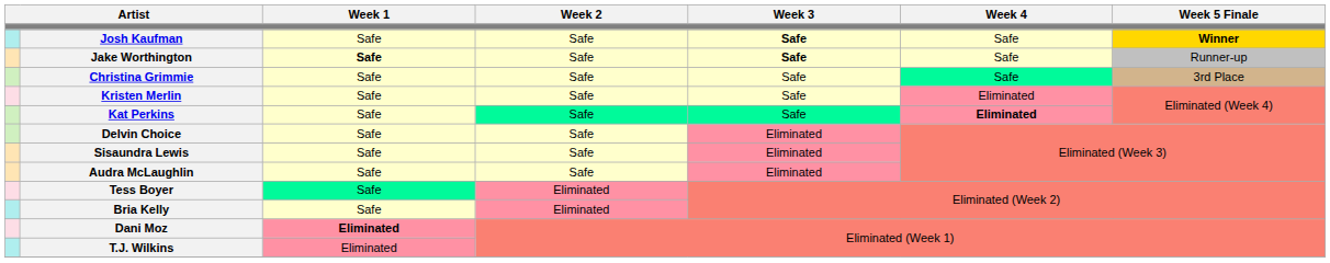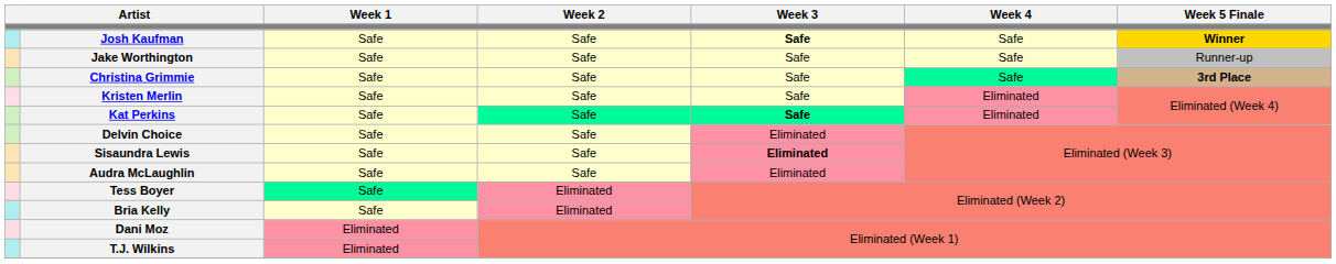 <table class="wikitable"  style="font-size:90%; text-align:center; width:100%;">
 <tr>
 <th colspan="2" width="17%;">Artist</th>
 <th width="14%;">Week 1</th>
 <th width="14%;">Week 2</th>
 <th width="14%;">Week 3</th>
 <th width="14%;">Week 4</th>
 <th width="14%;">Week 5 Finale</th>
 </tr>
 <tr>
 <th colspan="8" style="background:gray;"></th>
 </tr>
 <tr>
 <td style="background:#afeeee;"></td>
 <th style="width:16%;"><a href='#'>Josh Kaufman</a></th>
 <td style="background:#FFFFCC;">Safe</td>
 <td style="background:#FFFFCC;">Safe</td>
 <td style="background:#FFFFCC;"><strong>Safe</strong></td>
 <td style="background:#FFFFCC;">Safe</td>
 <th style="background:gold;">Winner</th>
 </tr>
 <tr>
 <td style="background:#ffe5b4;"></td>
 <th>Jake Worthington</th>
-<td style="background:#FFFFCC;"><strong>Safe</strong></td>
 <td style="background:#FFFFCC;">Safe</td>
-<td style="background:#ffc;"><strong>Safe</strong></td>
+<td style="background:#FFFFCC;">Safe</td>
+<td style="background:#ffc;">Safe</td>
 <td style="background:#FFFFCC;">Safe</td>
 <td style="background:silver">Runner-up</td>
 </tr>
 <tr>
 <td style="background:#d0f0c0;"></td>
 <th><a href='#'>Christina Grimmie</a></th>
 <td style="background:#FFFFCC;">Safe</td>
 <td style="background:#FFFFCC;">Safe</td>
 <td style="background:#FFFFCC;">Safe</td>
 <td style="background:#00FA9A;">Safe</td>
-<td style="background:Tan">3rd Place</td>
+<td style="background:Tan"><strong>3rd Place</strong></td>
 </tr>
 <tr>
 <td style="background:#FDDDE6;"></td>
 <th><a href='#'>Kristen Merlin</a></th>
 <td style="background:#FFFFCC;">Safe</td>
 <td style="background:#FFFFCC;">Safe</td>
 <td style="background:#FFFFCC;">Safe</td>
 <td style="background:#FF91A4;">Eliminated</td>
 <td rowspan = "2" style="background:#FA8072;">Eliminated (Week 4)</td>
 </tr>
 <tr>
 <td style="background:#d0f0c0;"></td>
 <th><a href='#'>Kat Perkins</a></th>
 <td style="background:#FFFFCC;">Safe</td>
 <td style="background:#00FA9A;">Safe</td>
-<td style="background:#00FA9A;">Safe</td>
-<td style="background:#FF91A4;"><strong>Eliminated</strong></td>
+<td style="background:#00FA9A;"><strong>Safe</strong></td>
+<td style="background:#FF91A4;">Eliminated</td>
 </tr>
 <tr>
 <td style="background:#d0f0c0;"></td>
 <th>Delvin Choice</th>
 <td style="background:#FFFFCC;">Safe</td>
 <td style="background:#FFFFCC;">Safe</td>
 <td style="background:#FF91A4;">Eliminated</td>
 <td rowspan = "3" colspan="3" style="background:#FA8072;">Eliminated (Week 3)</td>
 </tr>
 <tr>
 <td style="background:#ffe5b4;"></td>
 <th>Sisaundra Lewis</th>
 <td style="background:#FFFFCC;">Safe</td>
 <td style="background:#FFFFCC;">Safe</td>
-<td style="background:#FF91A4;">Eliminated</td>
+<td style="background:#FF91A4;"><strong>Eliminated</strong></td>
 </tr>
 <tr>
 <td style="background:#ffe5b4;"></td>
 <th>Audra McLaughlin</th>
 <td style="background:#FFFFCC;">Safe</td>
 <td style="background:#FFFFCC;">Safe</td>
 <td style="background:#FF91A4;">Eliminated</td>
 </tr>
 <tr>
 <td style="background:#FDDDE6;"></td>
 <th>Tess Boyer</th>
 <td style="background:#00FA9A;">Safe</td>
 <td style="background:#FF91A4;">Eliminated</td>
 <td rowspan = "2" colspan="3" style="background:#FA8072;">Eliminated (Week 2)</td>
 </tr>
 <tr>
 <td style="background:#AFEEEE;"></td>
 <th>Bria Kelly</th>
 <td style="background:#FFFFCC;">Safe</td>
 <td style="background:#FF91A4;">Eliminated</td>
 </tr>
 <tr>
 <td style="background:#FDDDE6;"></td>
 <th>Dani Moz</th>
-<td style="background:#FF91A4;"><strong>Eliminated</strong></td>
+<td style="background:#FF91A4;">Eliminated</td>
 <td rowspan = "2" colspan="4" style="background:#FA8072;">Eliminated (Week 1)</td>
 </tr>
 <tr>
 <td style="background:#afeeee;"></td>
 <th>T.J. Wilkins</th>
 <td style="background:#FF91A4;">Eliminated</td>
 </tr>
 <tr>
 </tr>
 </table>
